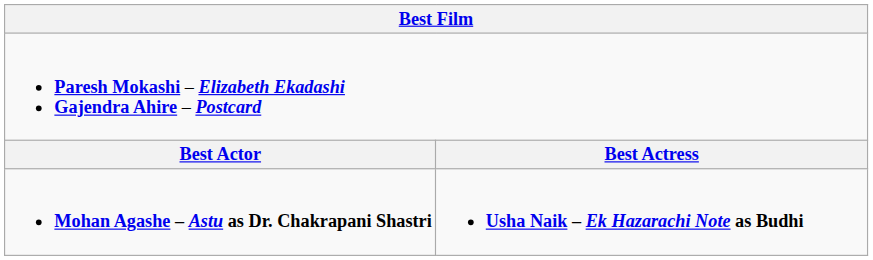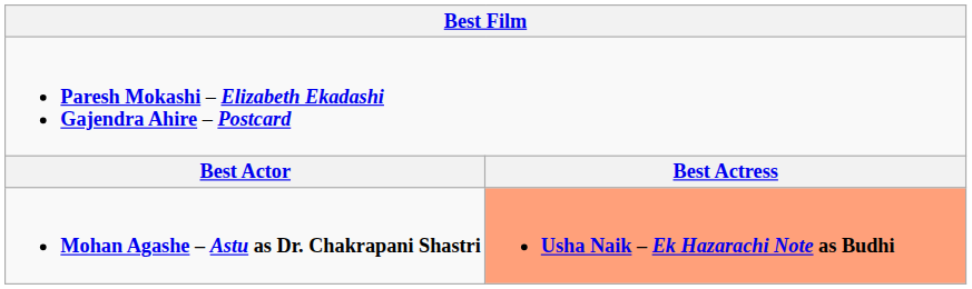 <table class="wikitable">
 <tr>
 <th colspan=2><a href='#'>Best Film</a></th>
 </tr>
 <tr>
 <td colspan=2><br><ul><li><strong><a href='#'>Paresh Mokashi</a></strong> – <strong><em><a href='#'>Elizabeth Ekadashi</a></em></strong></li><li><strong><a href='#'>Gajendra Ahire</a></strong> – <strong><em><a href='#'>Postcard</a></em></strong></li></ul></td>
 </tr>
 <tr>
 <th style="vertical-align:top; width:50%;"><a href='#'>Best Actor</a></th>
 <th style="vertical-align:top; width:50%;"><a href='#'>Best Actress</a></th>
 </tr>
 <tr>
 <td><br><ul><li><strong><a href='#'>Mohan Agashe</a> – <em><a href='#'>Astu</a></em> as Dr. Chakrapani Shastri</strong></li></ul></td>
-<td><br><ul><li><strong><a href='#'>Usha Naik</a> – <em><a href='#'>Ek Hazarachi Note</a></em> as Budhi</strong></li></ul></td>
+<td style="background: lightsalmon;"><br><ul><li><strong><a href='#'>Usha Naik</a> – <em><a href='#'>Ek Hazarachi Note</a></em> as Budhi</strong></li></ul></td>
 </tr>
 </table>
